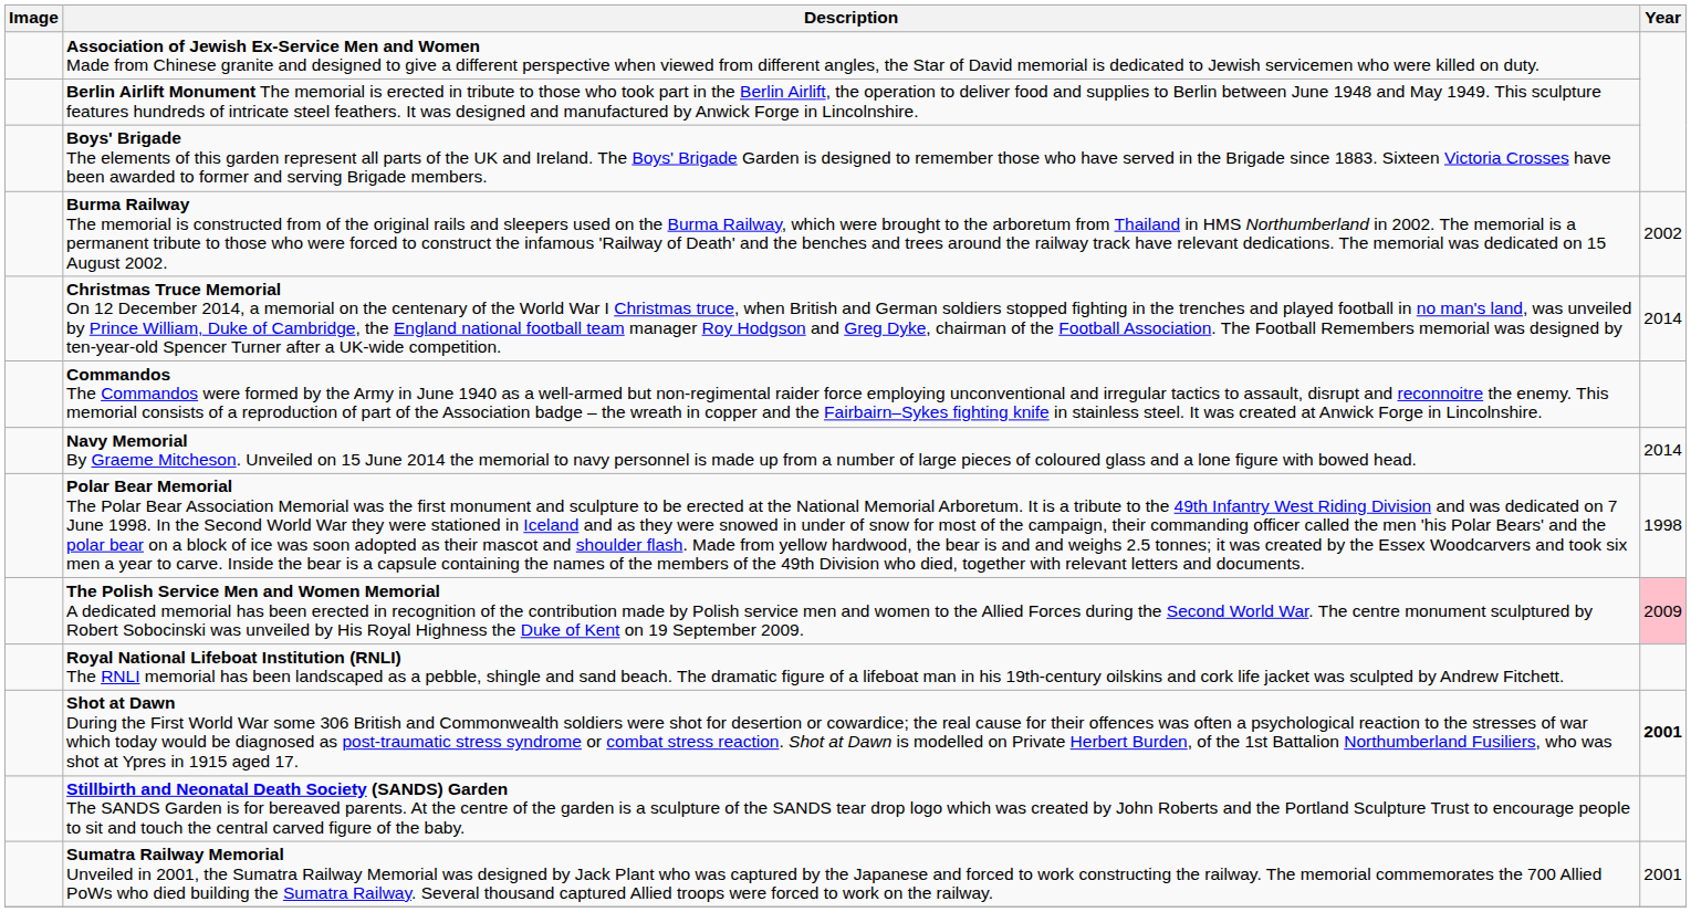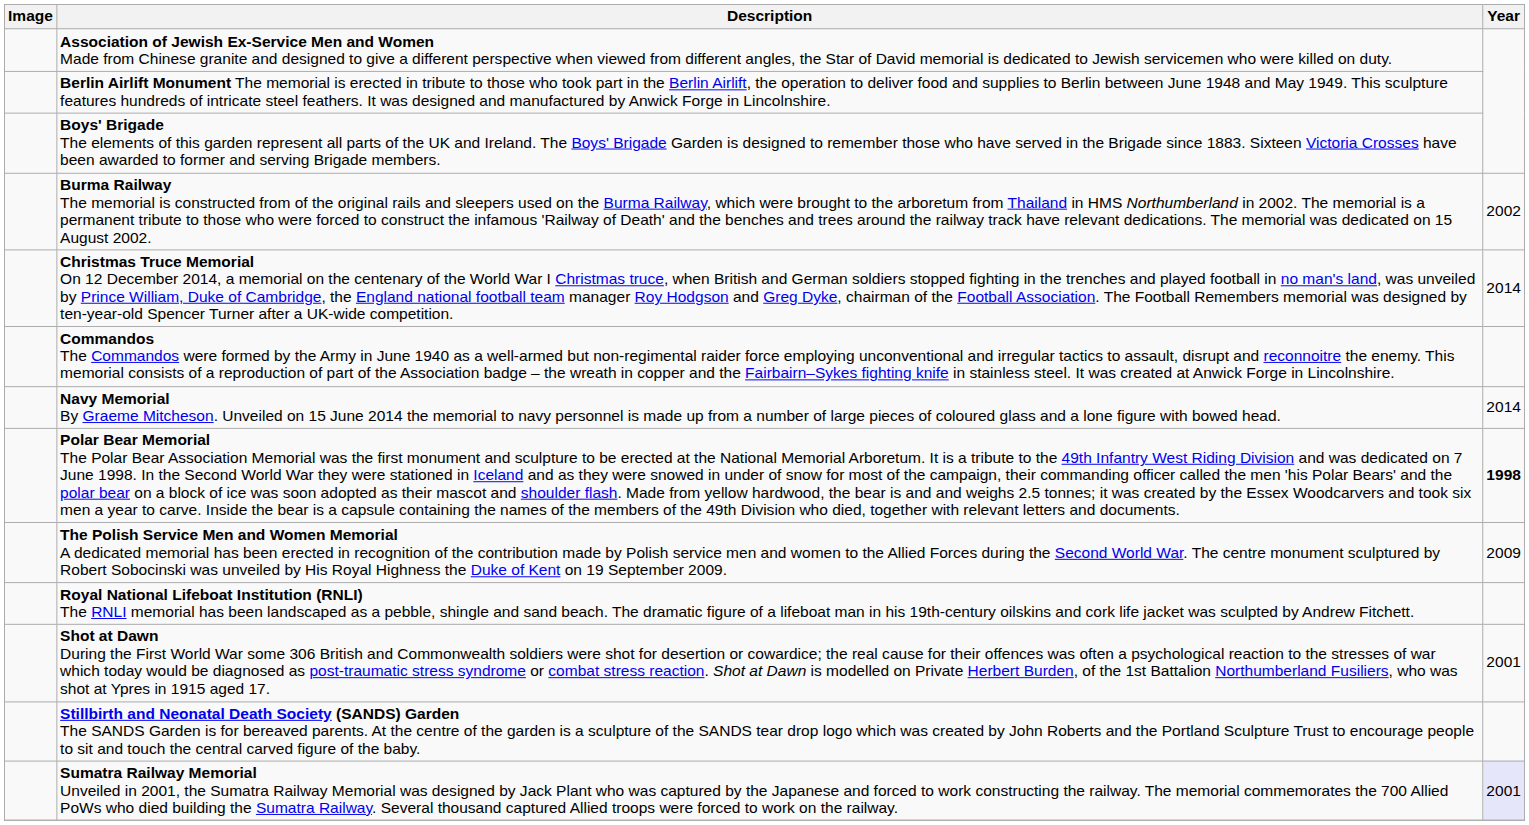 <table class="wikitable sortable">
 <tr>
 <th>Image</th>
 <th>Description</th>
 <th>Year</th>
 </tr>
 <tr>
 <td></td>
 <td><strong>Association of Jewish Ex-Service Men and Women</strong><br>Made from Chinese granite and designed to give a different perspective when viewed from different angles, the Star of David memorial is dedicated to Jewish servicemen who were killed on duty.</td>
 </tr>
 <tr>
 <td></td>
 <td><strong>Berlin Airlift Monument</strong> The memorial is erected in tribute to those who took part in the <a href='#'>Berlin Airlift</a>, the operation to deliver food and supplies to Berlin between June 1948 and May 1949. This sculpture features hundreds of intricate steel feathers. It was designed and manufactured by Anwick Forge in Lincolnshire.</td>
 </tr>
 <tr>
 <td></td>
 <td><strong>Boys' Brigade</strong><br>The elements of this garden represent all parts of the UK and Ireland. The <a href='#'>Boys' Brigade</a> Garden is designed to remember those who have served in the Brigade since 1883. Sixteen <a href='#'>Victoria Crosses</a> have been awarded to former and serving Brigade members.</td>
 </tr>
 <tr>
 <td></td>
 <td><strong>Burma Railway</strong><br>The memorial is constructed from  of the original rails and sleepers used on the <a href='#'>Burma Railway</a>, which were brought to the arboretum from <a href='#'>Thailand</a> in HMS <em>Northumberland</em> in 2002. The memorial is a permanent tribute to those who were forced to construct the infamous 'Railway of Death' and the benches and trees around the railway track have relevant dedications. The memorial was dedicated on 15 August 2002.</td>
 <td>2002</td>
 </tr>
 <tr>
 <td></td>
 <td><strong>Christmas Truce Memorial</strong><br>On 12 December 2014, a memorial on the centenary of the World War I <a href='#'>Christmas truce</a>, when British and German soldiers stopped fighting in the trenches and played football in <a href='#'>no man's land</a>, was unveiled by <a href='#'>Prince William, Duke of Cambridge</a>, the <a href='#'>England national football team</a> manager <a href='#'>Roy Hodgson</a> and <a href='#'>Greg Dyke</a>, chairman of the <a href='#'>Football Association</a>. The Football Remembers memorial was designed by ten-year-old Spencer Turner after a UK-wide competition.</td>
 <td>2014</td>
 </tr>
 <tr>
 <td></td>
 <td><strong>Commandos</strong><br>The <a href='#'>Commandos</a> were formed by the Army in June 1940 as a well-armed but non-regimental raider force employing unconventional and irregular tactics to assault, disrupt and <a href='#'>reconnoitre</a> the enemy. This memorial consists of a reproduction of part of the Association badge – the wreath in copper and the <a href='#'>Fairbairn–Sykes fighting knife</a> in stainless steel. It was created at Anwick Forge in Lincolnshire.</td>
 </tr>
 <tr>
 <td></td>
 <td><strong>Navy Memorial</strong><br>By <a href='#'>Graeme Mitcheson</a>. Unveiled on 15 June 2014 the memorial to navy personnel is made up from a number of large pieces of coloured glass and a lone figure with bowed head.</td>
 <td>2014</td>
 </tr>
 <tr>
 <td></td>
 <td><strong>Polar Bear Memorial</strong><br>The Polar Bear Association Memorial was the first monument and sculpture to be erected at the National Memorial Arboretum. It is a tribute to the <a href='#'>49th Infantry West Riding Division</a> and was dedicated on 7 June 1998. In the Second World War they were stationed in <a href='#'>Iceland</a> and as they were snowed in under  of snow for most of the campaign, their commanding officer called the men 'his Polar Bears' and the <a href='#'>polar bear</a> on a block of ice was soon adopted as their mascot and <a href='#'>shoulder flash</a>. Made from yellow hardwood, the bear is  and  and weighs 2.5 tonnes; it was created by the Essex Woodcarvers and took six men a year to carve. Inside the bear is a capsule containing the names of the members of the 49th Division who died, together with relevant letters and documents.</td>
-<td>1998</td>
+<td><strong>1998</strong></td>
 </tr>
 <tr>
 <td></td>
 <td><strong>The Polish Service Men and Women Memorial</strong><br> A dedicated memorial has been erected in recognition of the contribution made by Polish service men and women to the Allied Forces during the <a href='#'>Second World War</a>. The centre monument sculptured by Robert Sobocinski was unveiled by His Royal Highness the <a href='#'>Duke of Kent</a> on 19 September 2009.</td>
-<td style="background: pink;">2009</td>
+<td>2009</td>
 </tr>
 <tr>
 <td></td>
 <td><strong>Royal National Lifeboat Institution (RNLI)</strong><br>The <a href='#'>RNLI</a> memorial has been landscaped as a pebble, shingle and sand beach. The dramatic figure of a lifeboat man in his 19th-century oilskins and cork life jacket was sculpted by Andrew Fitchett.</td>
 </tr>
 <tr>
 <td></td>
 <td><strong>Shot at Dawn</strong><br> During the First World War some 306 British and Commonwealth soldiers were shot for desertion or cowardice; the real cause for their offences was often a psychological reaction to the stresses of war which today would be diagnosed as <a href='#'>post-traumatic stress syndrome</a> or <a href='#'>combat stress reaction</a>. <em>Shot at Dawn</em> is modelled on Private <a href='#'>Herbert Burden</a>, of the 1st Battalion <a href='#'>Northumberland Fusiliers</a>, who was shot at Ypres in 1915 aged 17.</td>
-<td><strong>2001</strong></td>
+<td>2001</td>
 </tr>
 <tr>
 <td></td>
 <td><strong><a href='#'>Stillbirth and Neonatal Death Society</a> (SANDS) Garden</strong><br>The SANDS Garden is for bereaved parents. At the centre of the garden is a sculpture of the SANDS tear drop logo which was created by John Roberts and the Portland Sculpture Trust to encourage people to sit and touch the central carved figure of the baby.</td>
 <td></td>
 </tr>
 <tr>
 <td></td>
 <td><strong>Sumatra Railway Memorial</strong><br>Unveiled in 2001, the Sumatra Railway Memorial was designed by Jack Plant who was captured by the Japanese and forced to work constructing the railway. The memorial commemorates the 700 Allied PoWs who died building the <a href='#'>Sumatra Railway</a>. Several thousand captured Allied troops were forced to work on the  railway.</td>
-<td>2001</td>
+<td style="background: lavender;">2001</td>
 </tr>
 <tr>
 </tr>
 </table>
